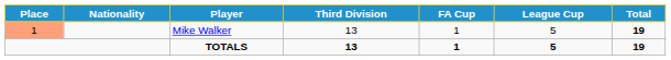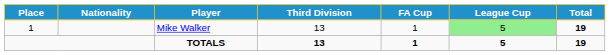 <table class="wikitable" style="text-align:center; font-size:90%; width:100%;">
 <tr>
 <th style="background:#2191CC; color:white; border:1px solid #F7C408; text-align:center;">Place</th>
 <th style="background:#2191CC; color:white; border:1px solid #F7C408; text-align:center;">Nationality</th>
 <th style="background:#2191CC; color:white; border:1px solid #F7C408; text-align:center;">Player</th>
 <th style="background:#2191CC; color:white; border:1px solid #F7C408; text-align:center;">Third Division</th>
 <th style="background:#2191CC; color:white; border:1px solid #F7C408; text-align:center;">FA Cup</th>
 <th style="background:#2191CC; color:white; border:1px solid #F7C408; text-align:center;">League Cup</th>
 <th style="background:#2191CC; color:white; border:1px solid #F7C408; text-align:center;">Total</th>
 </tr>
 <tr>
-<td style="background: lightsalmon;">1</td>
+<td>1</td>
 <td></td>
 <td align="left"><a href='#'>Mike Walker</a></td>
 <td>13</td>
 <td>1</td>
-<td>5</td>
+<td style="background: lightgreen;">5</td>
 <td><strong>19</strong></td>
 </tr>
 <tr>
 <td colspan="2"></td>
 <td><strong>TOTALS</strong></td>
 <td><strong>13</strong></td>
 <td><strong>1</strong></td>
 <td><strong>5</strong></td>
 <td><strong>19</strong></td>
 </tr>
 </table>
